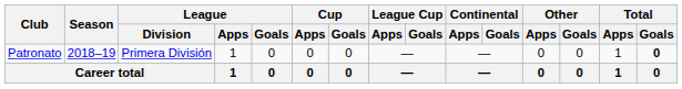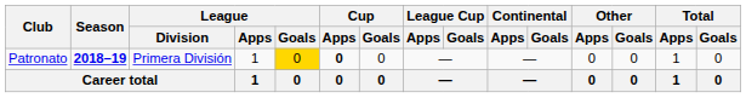 <table class="wikitable" style="text-align:center">
 <tr>
 <th rowspan="2">Club</th>
 <th rowspan="2">Season</th>
 <th colspan="3">League</th>
 <th colspan="2">Cup</th>
 <th colspan="2">League Cup</th>
 <th colspan="2">Continental</th>
 <th colspan="2">Other</th>
 <th colspan="2">Total</th>
 </tr>
 <tr>
 <th>Division</th>
 <th>Apps</th>
 <th>Goals</th>
 <th>Apps</th>
 <th>Goals</th>
 <th>Apps</th>
 <th>Goals</th>
 <th>Apps</th>
 <th>Goals</th>
 <th>Apps</th>
 <th>Goals</th>
 <th>Apps</th>
 <th>Goals</th>
 </tr>
 <tr>
 <td rowspan="1"><a href='#'>Patronato</a></td>
-<td><a href='#'>2018–19</a></td>
+<td><strong><a href='#'>2018–19</a></strong></td>
 <td rowspan="1"><a href='#'>Primera División</a></td>
 <td>1</td>
-<td>0</td>
-<td>0</td>
+<td style="background: gold;">0</td>
+<td><strong>0</strong></td>
 <td>0</td>
 <td colspan="2">—</td>
 <td colspan="2">—</td>
 <td>0</td>
 <td>0</td>
 <td>1</td>
-<td><strong>0</strong></td>
+<td>0</td>
 </tr>
 <tr>
 <th colspan="3">Career total</th>
 <th>1</th>
 <th>0</th>
 <th>0</th>
 <th>0</th>
 <th colspan="2">—</th>
 <th colspan="2">—</th>
 <th>0</th>
 <th>0</th>
 <th>1</th>
 <th>0</th>
 </tr>
 </table>
